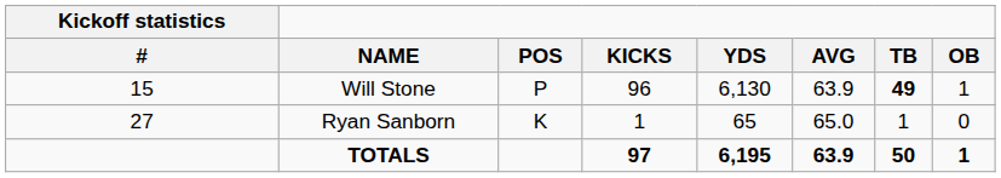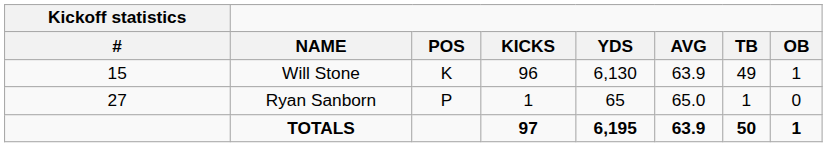 <table style="width:60%; text-align:center;" class="wikitable collapsible collapsed">
 <tr>
 <th style="text-align:center; ">Kickoff statistics</th>
 </tr>
 <tr>
 <th>#</th>
 <th>NAME</th>
 <th>POS</th>
 <th>KICKS</th>
 <th>YDS</th>
 <th>AVG</th>
 <th>TB</th>
 <th>OB</th>
 </tr>
 <tr>
 <td>15</td>
 <td>Will Stone</td>
-<td>P</td>
+<td>K</td>
 <td>96</td>
 <td>6,130</td>
 <td>63.9</td>
-<td><strong>49</strong></td>
+<td>49</td>
 <td>1</td>
 </tr>
 <tr>
 <td>27</td>
 <td>Ryan Sanborn</td>
-<td>K</td>
+<td>P</td>
 <td>1</td>
 <td>65</td>
 <td>65.0</td>
 <td>1</td>
 <td>0</td>
 </tr>
 <tr>
 <td></td>
 <td><strong>TOTALS</strong></td>
 <td></td>
 <td><strong>97</strong></td>
 <td><strong>6,195</strong></td>
 <td><strong>63.9</strong></td>
 <td><strong>50</strong></td>
 <td><strong>1</strong></td>
 </tr>
 </table>
